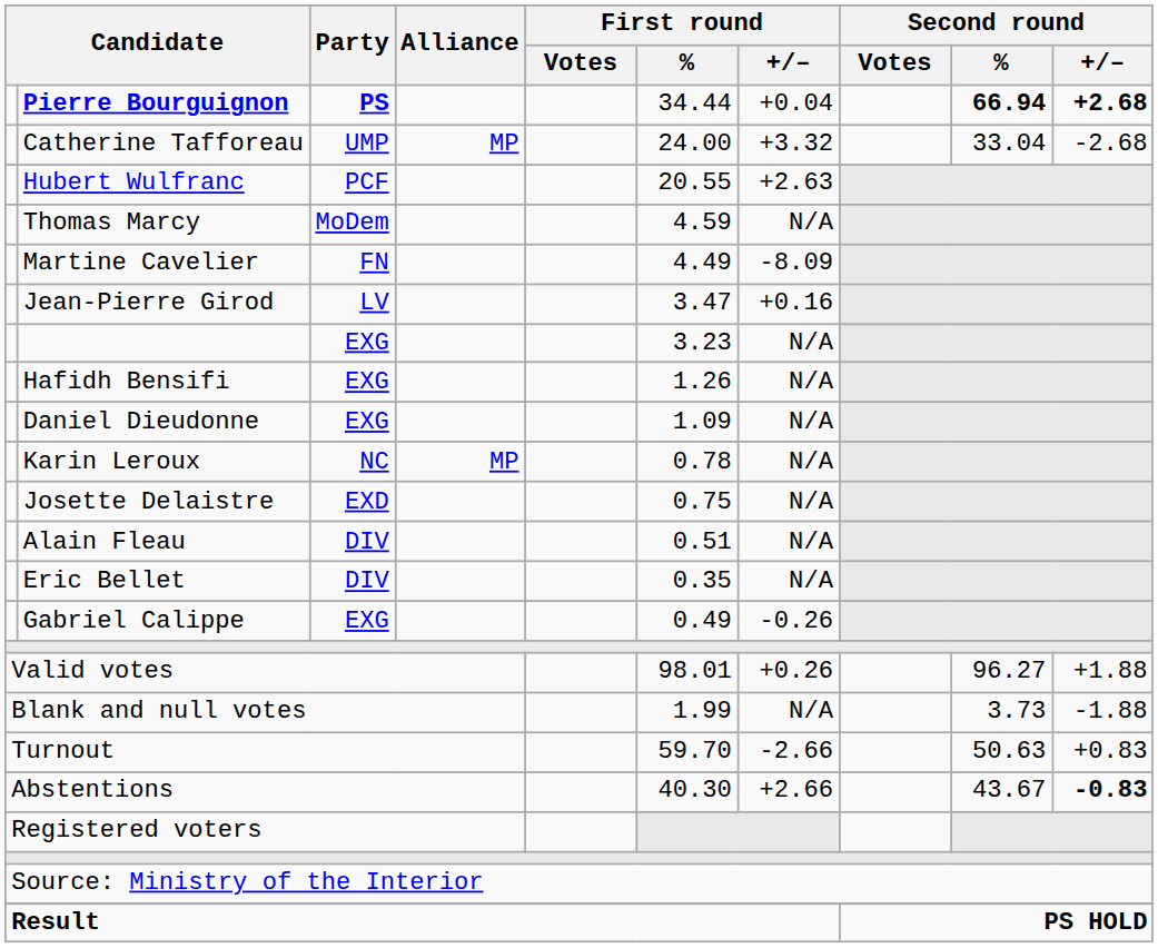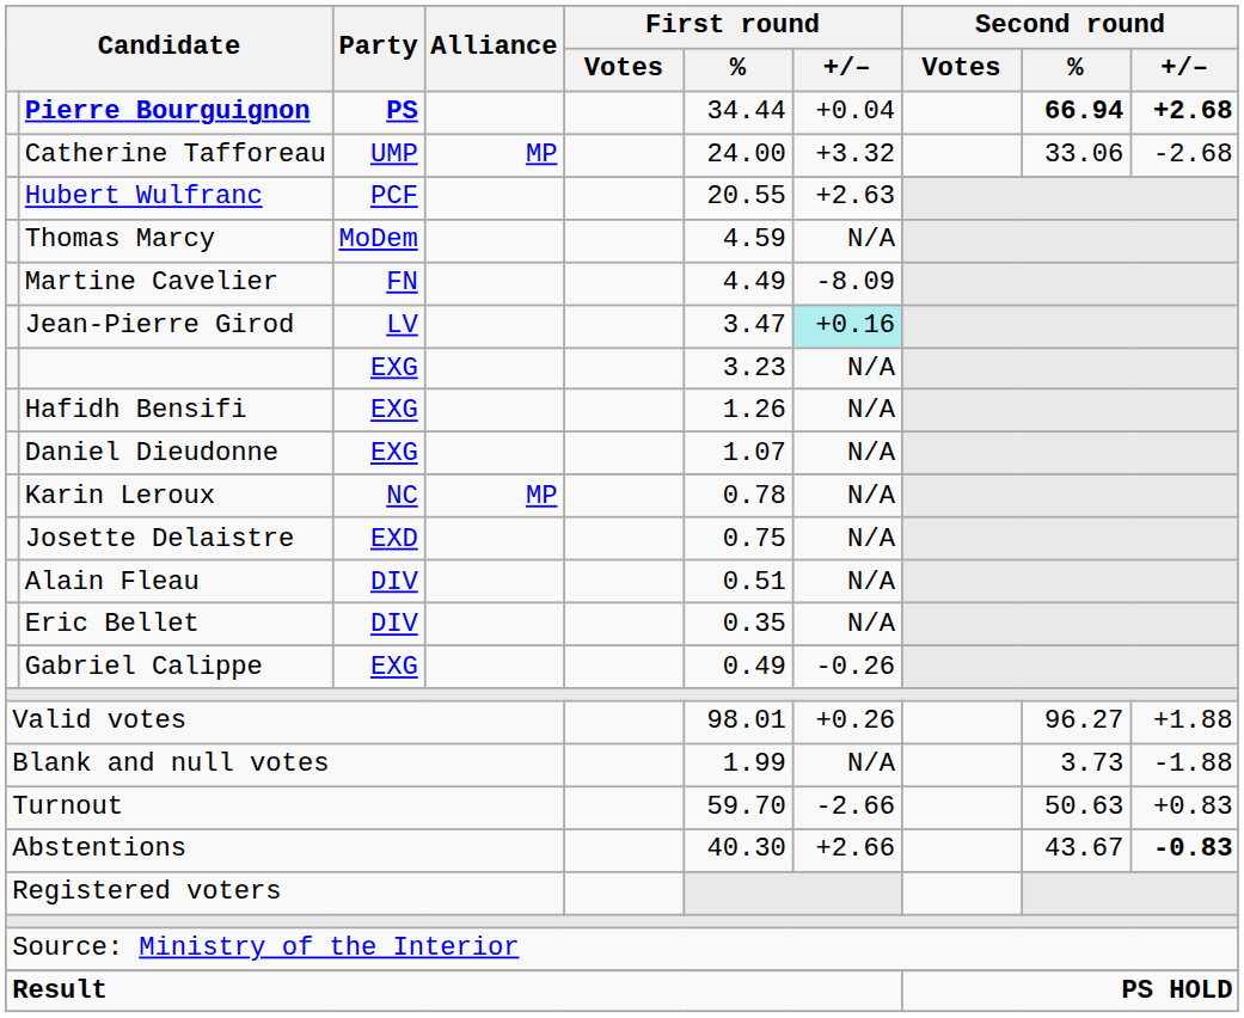 <table class="wikitable" style="text-align:right;font-size:95%;">
 <tr>
 <th rowspan="2" colspan="2">Candidate</th>
 <th rowspan="2">Party</th>
 <th rowspan="2">Alliance</th>
 <th colspan="3">First round</th>
 <th colspan="3">Second round</th>
 </tr>
 <tr>
 <th style="width:50px;">Votes</th>
 <th style="width:45px;">%</th>
 <th style="width:45px;">+/–</th>
 <th style="width:50px;">Votes</th>
 <th style="width:45px;">%</th>
 <th style="width:45px;">+/–</th>
 </tr>
 <tr>
 <td style="color:inherit;background:"></td>
 <td style="text-align:left;"><strong><a href='#'>Pierre Bourguignon</a></strong></td>
 <td><a href='#'><strong>PS</strong></a> </td>
 <td></td>
 <td></td>
 <td>34.44</td>
 <td>+0.04</td>
 <td><strong></strong></td>
 <td><strong>66.94</strong></td>
 <td><strong>+2.68</strong></td>
 </tr>
 <tr>
 <td style="color:inherit;background:"></td>
 <td style="text-align:left;">Catherine Tafforeau</td>
 <td><a href='#'>UMP</a> </td>
 <td><a href='#'>MP</a> </td>
 <td></td>
 <td>24.00</td>
 <td>+3.32</td>
 <td></td>
-<td>33.04</td>
+<td>33.06</td>
 <td>-2.68</td>
 </tr>
 <tr>
 <td style="color:inherit;background:"></td>
 <td style="text-align:left;"><a href='#'>Hubert Wulfranc</a></td>
 <td><a href='#'>PCF</a></td>
 <td></td>
 <td></td>
 <td>20.55</td>
 <td>+2.63</td>
 <td colspan="3" style="background:#E9E9E9;"></td>
 </tr>
 <tr>
 <td style="color:inherit;background:"></td>
 <td style="text-align:left;">Thomas Marcy</td>
 <td><a href='#'>MoDem</a></td>
 <td></td>
 <td></td>
 <td>4.59</td>
 <td>N/A</td>
 <td colspan="3" style="background:#E9E9E9;"></td>
 </tr>
 <tr>
 <td style="color:inherit;background:"></td>
 <td style="text-align:left;">Martine Cavelier</td>
 <td><a href='#'>FN</a></td>
 <td></td>
 <td></td>
 <td>4.49</td>
 <td>-8.09</td>
 <td colspan="3" style="background:#E9E9E9;"></td>
 </tr>
 <tr>
 <td style="color:inherit;background:"></td>
 <td style="text-align:left;">Jean-Pierre Girod</td>
 <td><a href='#'>LV</a></td>
 <td></td>
 <td></td>
 <td>3.47</td>
-<td>+0.16</td>
+<td style="background: paleturquoise;">+0.16</td>
 <td colspan="3" style="background:#E9E9E9;"></td>
 </tr>
 <tr>
 <td style="color:inherit;background:"></td>
 <td style="text-align:left;"></td>
 <td><a href='#'>EXG</a></td>
 <td></td>
 <td></td>
 <td>3.23</td>
 <td>N/A</td>
 <td colspan="3" style="background:#E9E9E9;"></td>
 </tr>
 <tr>
 <td style="color:inherit;background:"></td>
 <td style="text-align:left;">Hafidh Bensifi</td>
 <td><a href='#'>EXG</a></td>
 <td></td>
 <td></td>
 <td>1.26</td>
 <td>N/A</td>
 <td colspan="3" style="background:#E9E9E9;"></td>
 </tr>
 <tr>
 <td style="color:inherit;background:"></td>
 <td style="text-align:left;">Daniel Dieudonne</td>
 <td><a href='#'>EXG</a></td>
 <td></td>
 <td></td>
-<td>1.09</td>
+<td>1.07</td>
 <td>N/A</td>
 <td colspan="3" style="background:#E9E9E9;"></td>
 </tr>
 <tr>
 <td style="color:inherit;background:"></td>
 <td style="text-align:left;">Karin Leroux</td>
 <td><a href='#'>NC</a></td>
 <td><a href='#'>MP</a></td>
 <td></td>
 <td>0.78</td>
 <td>N/A</td>
 <td colspan="3" style="background:#E9E9E9;"></td>
 </tr>
 <tr>
 <td style="color:inherit;background:"></td>
 <td style="text-align:left;">Josette Delaistre</td>
 <td><a href='#'>EXD</a></td>
 <td></td>
 <td></td>
 <td>0.75</td>
 <td>N/A</td>
 <td colspan="3" style="background:#E9E9E9;"></td>
 </tr>
 <tr>
 <td style="color:inherit;background:"></td>
 <td style="text-align:left;">Alain Fleau</td>
 <td><a href='#'>DIV</a></td>
 <td></td>
 <td></td>
 <td>0.51</td>
 <td>N/A</td>
 <td colspan="3" style="background:#E9E9E9;"></td>
 </tr>
 <tr>
 <td style="color:inherit;background:"></td>
 <td style="text-align:left;">Eric Bellet</td>
 <td><a href='#'>DIV</a></td>
 <td></td>
 <td></td>
 <td>0.35</td>
 <td>N/A</td>
 <td colspan="3" style="background:#E9E9E9;"></td>
 </tr>
 <tr>
 <td style="color:inherit;background:"></td>
 <td style="text-align:left;">Gabriel Calippe</td>
 <td><a href='#'>EXG</a></td>
 <td></td>
 <td></td>
 <td>0.49</td>
 <td>-0.26</td>
 <td colspan="3" style="background:#E9E9E9;"></td>
 </tr>
 <tr>
 <td colspan="10" style="background:#E9E9E9;"></td>
 </tr>
 <tr>
 <td colspan="4" style="text-align:left;">Valid votes</td>
 <td></td>
 <td>98.01</td>
 <td>+0.26</td>
 <td></td>
 <td>96.27</td>
 <td>+1.88</td>
 </tr>
 <tr>
 <td colspan="4" style="text-align:left;">Blank and null votes</td>
 <td></td>
 <td>1.99</td>
 <td>N/A</td>
 <td></td>
 <td>3.73</td>
 <td>-1.88</td>
 </tr>
 <tr>
 <td colspan="4" style="text-align:left;">Turnout</td>
 <td></td>
 <td>59.70</td>
 <td>-2.66</td>
 <td></td>
 <td>50.63</td>
 <td>+0.83</td>
 </tr>
 <tr>
 <td colspan="4" style="text-align:left;">Abstentions</td>
 <td></td>
 <td>40.30</td>
 <td>+2.66</td>
 <td></td>
 <td>43.67</td>
 <td><strong>-0.83</strong></td>
 </tr>
 <tr>
 <td colspan="4" style="text-align:left;">Registered voters</td>
 <td></td>
 <td colspan="2" style="background:#E9E9E9;"></td>
 <td></td>
 <td colspan="2" style="background:#E9E9E9;"></td>
 </tr>
 <tr>
 <td colspan="10" style="background:#E9E9E9;"></td>
 </tr>
 <tr>
 <td colspan="10" style="text-align:left;">Source: <a href='#'>Ministry of the Interior</a></td>
 </tr>
 <tr>
 </tr>
 <tr style="font-weight:bold">
 <td colspan="7" style="text-align:left;">Result</td>
 <td colspan="7" style="background-color:">PS HOLD</td>
 </tr>
 </table>
